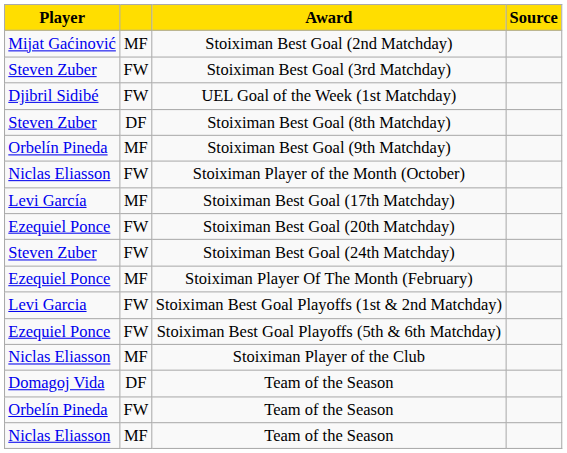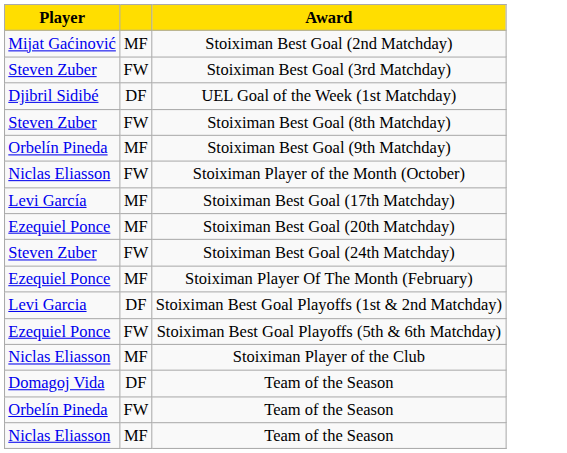 <table class="wikitable">
 <tr>
 <th style="background:#FFDE00">Player</th>
 <th style="background:#FFDE00"></th>
 <th style="background:#FFDE00">Award</th>
-<th style="background:#FFDE00">Source</th>
 </tr>
 <tr>
 <td> <a href='#'>Mijat Gaćinović</a></td>
 <td align="center">MF</td>
 <td align="center">Stoiximan Best Goal (2nd Matchday)</td>
-<td align="center"></td>
 </tr>
 <tr>
 <td> <a href='#'>Steven Zuber</a></td>
 <td align="center">FW</td>
 <td align="center">Stoiximan Best Goal (3rd Matchday)</td>
-<td align="center"></td>
 </tr>
 <tr>
 <td> <a href='#'>Djibril Sidibé</a></td>
-<td align="center">FW</td>
+<td align="center">DF</td>
 <td align="center">UEL Goal of the Week (1st Matchday)</td>
-<td align="center"></td>
 </tr>
 <tr>
 <td> <a href='#'>Steven Zuber</a></td>
-<td align="center">DF</td>
+<td align="center">FW</td>
 <td align="center">Stoiximan Best Goal (8th Matchday)</td>
-<td align="center"></td>
 </tr>
 <tr>
 <td> <a href='#'>Orbelín Pineda</a></td>
 <td align="center">MF</td>
 <td align="center">Stoiximan Best Goal (9th Matchday)</td>
-<td align="center"></td>
 </tr>
 <tr>
 <td> <a href='#'>Niclas Eliasson</a></td>
 <td align="center">FW</td>
 <td align="center">Stoiximan Player of the Month (October)</td>
-<td align="center"></td>
 </tr>
 <tr>
 <td> <a href='#'>Levi García</a></td>
 <td align="center">MF</td>
 <td align="center">Stoiximan Best Goal (17th Matchday)</td>
-<td align="center"></td>
 </tr>
 <tr>
 <td> <a href='#'>Ezequiel Ponce</a></td>
-<td align="center">FW</td>
+<td align="center">MF</td>
 <td align="center">Stoiximan Best Goal (20th Matchday)</td>
-<td align="center"></td>
 </tr>
 <tr>
 <td> <a href='#'>Steven Zuber</a></td>
 <td align="center">FW</td>
 <td align="center">Stoiximan Best Goal (24th Matchday)</td>
-<td align="center"></td>
 </tr>
 <tr>
 <td> <a href='#'>Ezequiel Ponce</a></td>
 <td align="center">MF</td>
 <td align="center">Stoiximan Player Of The Month (February)</td>
-<td align="center"></td>
 </tr>
 <tr>
 <td> <a href='#'>Levi Garcia</a></td>
-<td align="center">FW</td>
+<td align="center">DF</td>
 <td align="center">Stoiximan Best Goal Playoffs (1st & 2nd Matchday)</td>
-<td align="center"></td>
 </tr>
 <tr>
 <td> <a href='#'>Ezequiel Ponce</a></td>
 <td align="center">FW</td>
 <td align="center">Stoiximan Best Goal Playoffs (5th & 6th Matchday)</td>
-<td align="center"></td>
 </tr>
 <tr>
 <td> <a href='#'>Niclas Eliasson</a></td>
 <td align="center">MF</td>
 <td align="center">Stoiximan Player of the Club</td>
-<td align="center"></td>
 </tr>
 <tr>
 <td> <a href='#'>Domagoj Vida</a></td>
 <td align="center">DF</td>
 <td align="center">Team of the Season</td>
-<td align="center"></td>
 </tr>
 <tr>
 <td> <a href='#'>Orbelín Pineda</a></td>
 <td align="center">FW</td>
 <td align="center">Team of the Season</td>
-<td align="center"></td>
 </tr>
 <tr>
 <td> <a href='#'>Niclas Eliasson</a></td>
 <td align="center">MF</td>
 <td align="center">Team of the Season</td>
-<td align="center"></td>
 </tr>
 </table>
